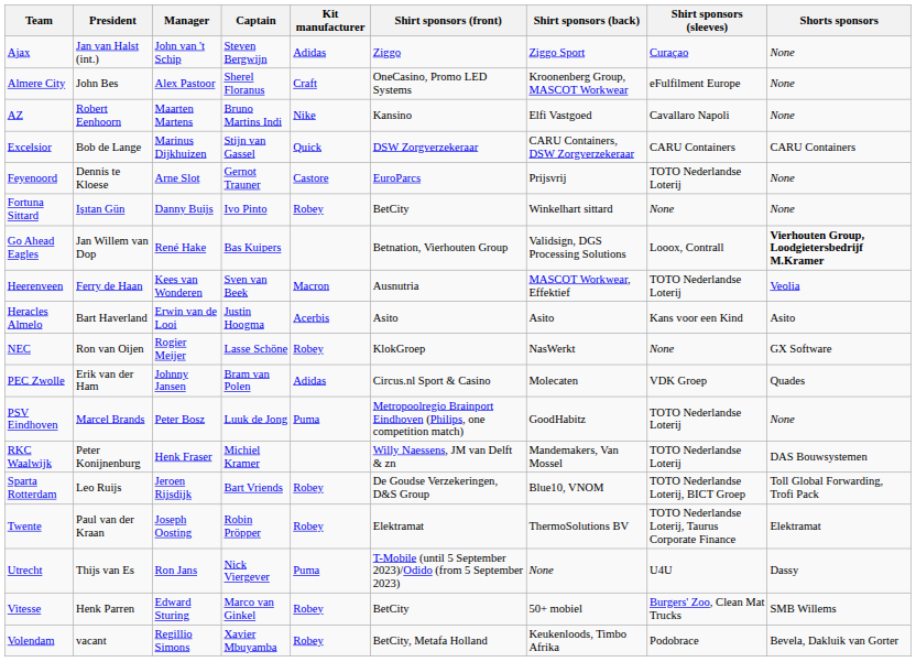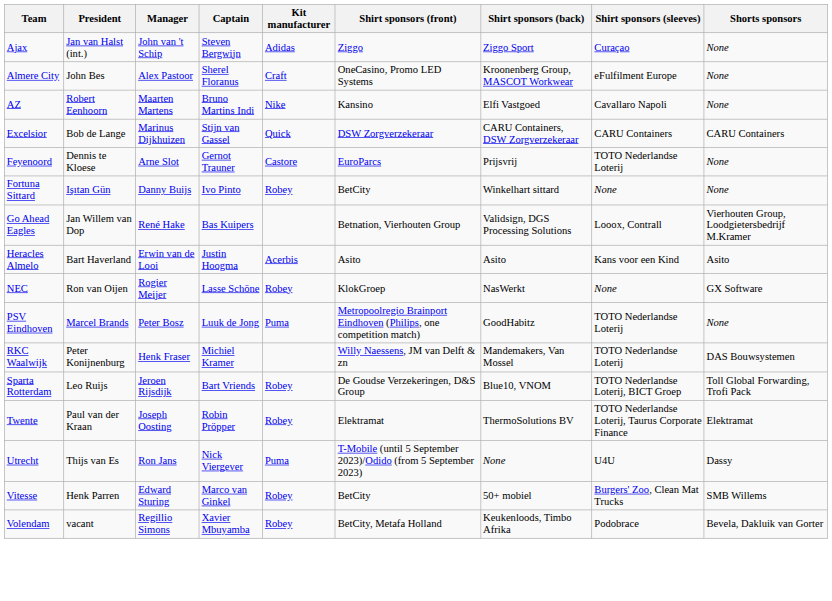 <table class="wikitable sortable" style="text-align: left;">
 <tr>
 <th>Team</th>
 <th>President</th>
 <th>Manager</th>
 <th>Captain</th>
 <th>Kit manufacturer</th>
 <th>Shirt sponsors (front)</th>
 <th>Shirt sponsors (back)</th>
 <th>Shirt sponsors (sleeves)</th>
 <th>Shorts sponsors</th>
 </tr>
 <tr>
 <td><a href='#'>Ajax</a></td>
 <td data-sort-value="Van Halst, Jan">  <a href='#'>Jan van Halst</a> (int.)</td>
 <td data-sort-value="van 't Schip, John"> <a href='#'>John van 't Schip</a></td>
 <td data-sort-value="Bergwijn, Steven"> <a href='#'>Steven Bergwijn</a></td>
 <td><a href='#'>Adidas</a></td>
 <td><a href='#'>Ziggo</a></td>
 <td><a href='#'>Ziggo Sport</a></td>
 <td><a href='#'>Curaçao</a></td>
 <td><em>None</em></td>
 </tr>
 <tr>
 <td><a href='#'>Almere City</a></td>
 <td data-sort-value="Bes, John"> John Bes</td>
 <td data-sort-value="Pastoor, Alex"> <a href='#'>Alex Pastoor</a></td>
 <td data-sort-value="Floranus, Sherel"> <a href='#'>Sherel Floranus</a></td>
 <td><a href='#'>Craft</a></td>
 <td>OneCasino, Promo LED Systems</td>
 <td>Kroonenberg Group, <a href='#'>MASCOT Workwear</a></td>
 <td>eFulfilment Europe</td>
 <td><em>None</em></td>
 </tr>
 <tr>
 <td><a href='#'>AZ</a></td>
 <td data-sort-value="Eenhoorn, Robert"> <a href='#'>Robert Eenhoorn</a></td>
 <td data-sort-value="Martens, Maartens"> <a href='#'>Maarten Martens</a></td>
 <td data-sort-value="Bruno, Martins, Indi"> <a href='#'>Bruno Martins Indi</a></td>
 <td><a href='#'>Nike</a></td>
 <td>Kansino</td>
 <td>Elfi Vastgoed</td>
 <td>Cavallaro Napoli</td>
 <td><em>None</em></td>
 </tr>
 <tr>
 <td><a href='#'>Excelsior</a></td>
 <td data-sort-value="Lange, Bob"> Bob de Lange</td>
 <td data-sort-value="Dijkhuizen, Marinus"> <a href='#'>Marinus Dijkhuizen</a></td>
 <td data-sort-value="Gassel, Stijn"> <a href='#'>Stijn van Gassel</a></td>
 <td><a href='#'>Quick</a></td>
 <td><a href='#'>DSW Zorgverzekeraar</a></td>
 <td>CARU Containers, <a href='#'>DSW Zorgverzekeraar</a></td>
 <td>CARU Containers</td>
 <td>CARU Containers</td>
 </tr>
 <tr>
 <td><a href='#'>Feyenoord</a></td>
 <td data-sort-value="Kloese, Dennis"> Dennis te Kloese</td>
 <td data-sort-value="Slot, Arne"> <a href='#'>Arne Slot</a></td>
 <td data-sort-value="Trauner, Gernot"> <a href='#'>Gernot Trauner</a></td>
 <td><a href='#'>Castore</a></td>
 <td><a href='#'>EuroParcs</a></td>
 <td>Prijsvrij</td>
 <td>TOTO Nederlandse Loterij</td>
 <td><em>None</em></td>
 </tr>
 <tr>
 <td><a href='#'>Fortuna Sittard</a></td>
 <td data-sort-value="Gün, Özgür"> <a href='#'>Işıtan Gün</a></td>
 <td data-sort-value="Buijs, Danny"> <a href='#'>Danny Buijs</a></td>
 <td data-sort-value="Pinto, Ivo"> <a href='#'>Ivo Pinto</a></td>
 <td><a href='#'>Robey</a></td>
 <td>BetCity</td>
 <td>Winkelhart sittard</td>
 <td><em>None</em></td>
 <td><em>None</em></td>
 </tr>
 <tr>
 <td><a href='#'>Go Ahead Eagles</a></td>
 <td data-sort-value="Dop, Jan"> Jan Willem van Dop</td>
 <td data-sort-value="Hake, René"> <a href='#'>René Hake</a></td>
 <td data-sort-value="Bas, Kuipers"> <a href='#'>Bas Kuipers</a></td>
 <td></td>
 <td>Betnation, Vierhouten Group</td>
 <td>Validsign, DGS Processing Solutions</td>
 <td>Looox, Contrall</td>
-<td><strong>Vierhouten Group, Loodgietersbedrijf M.Kramer</strong></td>
-</tr>
-<tr>
-<td><a href='#'>Heerenveen</a></td>
-<td data-sort-value="Haan, Ferry"> <a href='#'>Ferry de Haan</a></td>
-<td data-sort-value="Wonderen, Kees"> <a href='#'>Kees van Wonderen</a></td>
-<td data-sort-value="van Beek, Sven"> <a href='#'>Sven van Beek</a></td>
-<td><a href='#'>Macron</a></td>
-<td>Ausnutria</td>
-<td><a href='#'>MASCOT Workwear</a>, Effektief</td>
-<td>TOTO Nederlandse Loterij</td>
-<td><a href='#'>Veolia</a></td>
+<td>Vierhouten Group, Loodgietersbedrijf M.Kramer</td>
 </tr>
 <tr>
 <td><a href='#'>Heracles Almelo</a></td>
 <td data-sort-value="Haverland, Bart"> Bart Haverland</td>
 <td data-sort-value="Looi, Erwin"> <a href='#'>Erwin van de Looi</a></td>
 <td data-sort-value="Hoogma, Justin"> <a href='#'>Justin Hoogma</a></td>
 <td><a href='#'>Acerbis</a></td>
 <td>Asito</td>
 <td>Asito</td>
 <td>Kans voor een Kind</td>
 <td>Asito</td>
 </tr>
 <tr>
 <td><a href='#'>NEC</a></td>
 <td data-sort-value="Oijen, Ron"> Ron van Oijen</td>
 <td data-sort-value="Meijer, Rogier"> <a href='#'>Rogier Meijer</a></td>
 <td data-sort-value="Schöne, Lasse"> <a href='#'>Lasse Schöne</a></td>
 <td><a href='#'>Robey</a></td>
 <td>KlokGroep</td>
 <td>NasWerkt</td>
 <td><em>None</em></td>
 <td>GX Software</td>
-</tr>
-<tr>
-<td><a href='#'>PEC Zwolle</a></td>
-<td data-sort-value="Harm, Erik"> Erik van der Ham</td>
-<td> <a href='#'>Johnny Jansen</a></td>
-<td data-sort-value="Polen, Bram"> <a href='#'>Bram van Polen</a></td>
-<td><a href='#'>Adidas</a></td>
-<td>Circus.nl Sport & Casino </td>
-<td>Molecaten</td>
-<td>VDK Groep</td>
-<td>Quades</td>
 </tr>
 <tr>
 <td><a href='#'>PSV Eindhoven</a></td>
 <td data-sort-value="Wallen, Robert"> <a href='#'>Marcel Brands</a></td>
 <td data-sort-value="Bosz, Peter"> <a href='#'>Peter Bosz</a></td>
 <td data-sort-value="Jong, Luuk"> <a href='#'>Luuk de Jong</a></td>
 <td><a href='#'>Puma</a></td>
 <td><a href='#'>Metropoolregio Brainport Eindhoven</a> (<a href='#'>Philips</a>, one competition match)</td>
 <td>GoodHabitz</td>
 <td>TOTO Nederlandse Loterij</td>
 <td><em>None</em></td>
 </tr>
 <tr>
 <td><a href='#'>RKC Waalwijk</a></td>
 <td data-sort-value="Konijnenburg, Peter"> Peter Konijnenburg</td>
 <td data-sort-value="Fraser, Henk"> <a href='#'>Henk Fraser</a></td>
 <td data-sort-value="Kramer, Michiel"> <a href='#'>Michiel Kramer</a></td>
 <td></td>
 <td><a href='#'>Willy Naessens</a>, JM van Delft & zn</td>
 <td>Mandemakers, Van Mossel</td>
 <td>TOTO Nederlandse Loterij</td>
 <td>DAS Bouwsystemen</td>
 </tr>
 <tr>
 <td><a href='#'>Sparta Rotterdam</a></td>
 <td data-sort-value="Ruijs, Leo"> Leo Ruijs</td>
 <td date-sort-value="Rijsdijk, Jeroen"> <a href='#'>Jeroen Rijsdijk</a></td>
 <td data-sort-value="Vriends, Bart"> <a href='#'>Bart Vriends</a></td>
 <td><a href='#'>Robey</a></td>
 <td>De Goudse Verzekeringen, D&S Group</td>
 <td>Blue10, VNOM</td>
 <td>TOTO Nederlandse Loterij, BICT Groep</td>
 <td>Toll Global Forwarding, Trofi Pack</td>
 </tr>
 <tr>
 <td><a href='#'>Twente</a></td>
 <td data-sort-value="Kraan, Paul"> Paul van der Kraan</td>
 <td data-sort-value="Oosting, Joseph"> <a href='#'>Joseph Oosting</a></td>
 <td data-sort-value="Pröpper, Robin"> <a href='#'>Robin Pröpper</a></td>
 <td><a href='#'>Robey</a></td>
 <td>Elektramat</td>
 <td>ThermoSolutions BV</td>
 <td>TOTO Nederlandse Loterij, Taurus Corporate Finance</td>
 <td>Elektramat</td>
 </tr>
 <tr>
 <td><a href='#'>Utrecht</a></td>
 <td data-sort-value="Leyssius, Pieter"> Thijs van Es</td>
 <td data-sort-value="Jans, Ron"> <a href='#'>Ron Jans</a></td>
 <td data-sort-value="Viergever, Nick"> <a href='#'>Nick Viergever</a></td>
 <td><a href='#'>Puma</a></td>
 <td><a href='#'>T-Mobile</a> (until 5 September 2023)/<a href='#'>Odido</a> (from 5 September 2023)</td>
 <td><em>None</em></td>
 <td>U4U</td>
 <td>Dassy</td>
 </tr>
 <tr>
 <td><a href='#'>Vitesse</a></td>
 <td data-sort-value="Parren, Henk"> Henk Parren</td>
 <td data-sort-value="Brom, John"> <a href='#'>Edward Sturing</a></td>
 <td data-sort-value="Ginkel, Marco”"> <a href='#'>Marco van Ginkel</a></td>
 <td><a href='#'>Robey</a></td>
 <td>BetCity</td>
 <td>50+ mobiel</td>
 <td><a href='#'>Burgers' Zoo</a>, Clean Mat Trucks</td>
 <td>SMB Willems</td>
 </tr>
 <tr>
 <td><a href='#'>Volendam</a></td>
 <td>vacant</td>
 <td data-sort-value="Simons, Regillio"> <a href='#'>Regillio Simons</a></td>
 <td data-sort-value="Mbuyamba, Xavier"> <a href='#'>Xavier Mbuyamba</a></td>
 <td><a href='#'>Robey</a></td>
 <td>BetCity, Metafa Holland</td>
 <td>Keukenloods, Timbo Afrika</td>
 <td>Podobrace</td>
 <td>Bevela, Dakluik van Gorter</td>
 </tr>
 </table>
